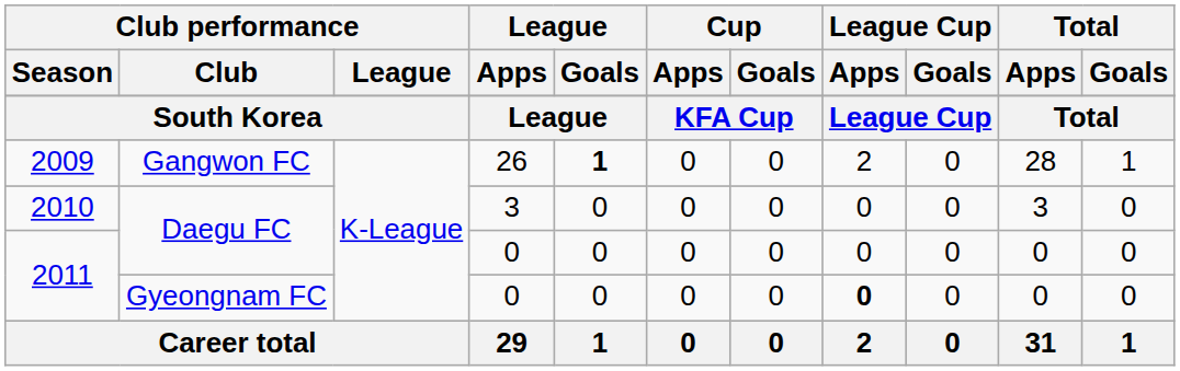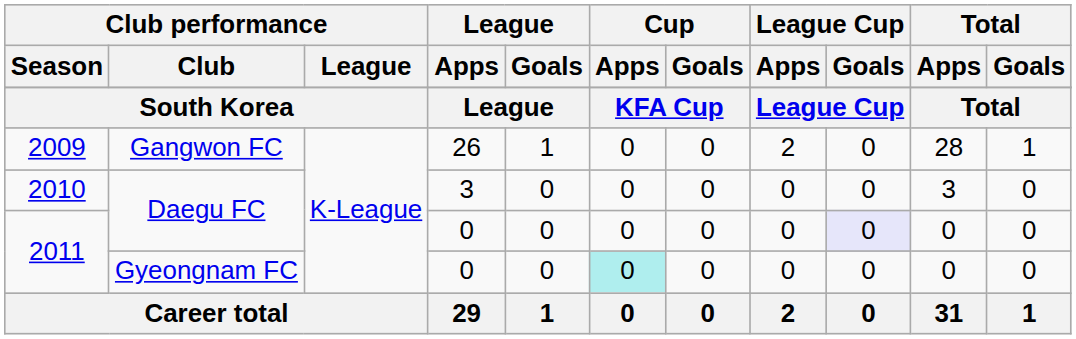 <table class="wikitable" style="text-align:center">
 <tr>
 <th colspan=3>Club performance</th>
 <th colspan=2>League</th>
 <th colspan=2>Cup</th>
 <th colspan=2>League Cup</th>
 <th colspan=2>Total</th>
 </tr>
 <tr>
 <th>Season</th>
 <th>Club</th>
 <th>League</th>
 <th>Apps</th>
 <th>Goals</th>
 <th>Apps</th>
 <th>Goals</th>
 <th>Apps</th>
 <th>Goals</th>
 <th>Apps</th>
 <th>Goals</th>
 </tr>
 <tr>
 </tr>
 <tr>
 <th colspan=3>South Korea</th>
 <th colspan=2>League</th>
 <th colspan=2><a href='#'>KFA Cup</a></th>
 <th colspan=2><a href='#'>League Cup</a></th>
 <th colspan=2>Total</th>
 </tr>
 <tr>
 <td><a href='#'>2009</a></td>
 <td rowspan=1><a href='#'>Gangwon FC</a></td>
 <td rowspan=4><a href='#'>K-League</a></td>
 <td>26</td>
-<td><strong>1</strong></td>
+<td>1</td>
 <td>0</td>
 <td>0</td>
 <td>2</td>
 <td>0</td>
 <td>28</td>
 <td>1</td>
 </tr>
 <tr>
 <td><a href='#'>2010</a></td>
 <td rowspan=2><a href='#'>Daegu FC</a></td>
 <td>3</td>
 <td>0</td>
 <td>0</td>
 <td>0</td>
 <td>0</td>
 <td>0</td>
 <td>3</td>
 <td>0</td>
 </tr>
 <tr>
 <td rowspan=2><a href='#'>2011</a></td>
 <td>0</td>
 <td>0</td>
 <td>0</td>
 <td>0</td>
 <td>0</td>
-<td>0</td>
+<td style="background: lavender;">0</td>
 <td>0</td>
 <td>0</td>
 </tr>
 <tr>
 <td rowspan=1><a href='#'>Gyeongnam FC</a></td>
 <td>0</td>
 <td>0</td>
+<td style="background: paleturquoise;">0</td>
 <td>0</td>
 <td>0</td>
-<td><strong>0</strong></td>
 <td>0</td>
 <td>0</td>
 <td>0</td>
 </tr>
 <tr>
 <th colspan=3>Career total</th>
 <th>29</th>
 <th>1</th>
 <th>0</th>
 <th>0</th>
 <th>2</th>
 <th>0</th>
 <th>31</th>
 <th>1</th>
 </tr>
 </table>
